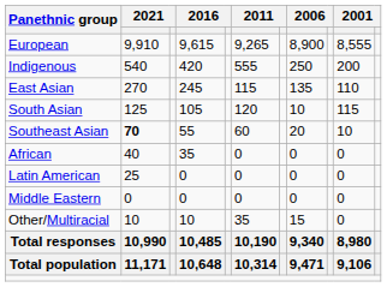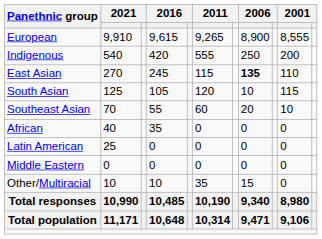 <table class="wikitable collapsible sortable">
 <tr>
 <th rowspan="2"><a href='#'>Panethnic</a> group</th>
 <th colspan="2">2021</th>
 <th colspan="2">2016</th>
 <th colspan="2">2011</th>
 <th colspan="2">2006</th>
 <th colspan="2">2001</th>
 </tr>
 <tr>
 <th><a href='#'></a></th>
 <th></th>
 <th></th>
 <th></th>
 <th></th>
 <th></th>
 <th></th>
 <th></th>
 <th></th>
 <th></th>
 </tr>
 <tr>
 <td><a href='#'>European</a></td>
 <td>9,910</td>
 <td></td>
 <td>9,615</td>
 <td></td>
 <td>9,265</td>
 <td></td>
 <td>8,900</td>
 <td></td>
 <td>8,555</td>
 <td></td>
 </tr>
 <tr>
 <td><a href='#'>Indigenous</a></td>
 <td>540</td>
 <td></td>
 <td>420</td>
 <td></td>
 <td>555</td>
 <td></td>
 <td>250</td>
 <td></td>
 <td>200</td>
 <td></td>
 </tr>
 <tr>
 <td><a href='#'>East Asian</a></td>
 <td>270</td>
 <td></td>
 <td>245</td>
 <td></td>
 <td>115</td>
 <td></td>
-<td>135</td>
+<td><strong>135</strong></td>
 <td></td>
 <td>110</td>
 <td></td>
 </tr>
 <tr>
 <td><a href='#'>South Asian</a></td>
 <td>125</td>
 <td></td>
 <td>105</td>
 <td></td>
 <td>120</td>
 <td></td>
 <td>10</td>
 <td></td>
 <td>115</td>
 <td></td>
 </tr>
 <tr>
 <td><a href='#'>Southeast Asian</a></td>
-<td><strong>70</strong></td>
+<td>70</td>
 <td></td>
 <td>55</td>
 <td></td>
 <td>60</td>
 <td></td>
 <td>20</td>
 <td></td>
 <td>10</td>
 <td></td>
 </tr>
 <tr>
 <td><a href='#'>African</a></td>
 <td>40</td>
 <td></td>
 <td>35</td>
 <td></td>
 <td>0</td>
 <td></td>
 <td>0</td>
 <td></td>
 <td>0</td>
 <td></td>
 </tr>
 <tr>
 <td><a href='#'>Latin American</a></td>
 <td>25</td>
 <td></td>
 <td>0</td>
 <td></td>
 <td>0</td>
 <td></td>
 <td>0</td>
 <td></td>
 <td>0</td>
 <td></td>
 </tr>
 <tr>
 <td><a href='#'>Middle Eastern</a></td>
 <td>0</td>
 <td></td>
 <td>0</td>
 <td></td>
 <td>0</td>
 <td></td>
 <td>0</td>
 <td></td>
 <td>0</td>
 <td></td>
 </tr>
 <tr>
 <td>Other/<a href='#'>Multiracial</a></td>
 <td>10</td>
 <td></td>
 <td>10</td>
 <td></td>
 <td>35</td>
 <td></td>
 <td>15</td>
 <td></td>
 <td>0</td>
 <td></td>
 </tr>
 <tr class="sortbottom">
 <th>Total responses</th>
 <th>10,990</th>
 <th></th>
 <th>10,485</th>
 <th></th>
 <th>10,190</th>
 <th></th>
 <th>9,340</th>
 <th></th>
 <th>8,980</th>
 <th></th>
 </tr>
 <tr class="sortbottom">
 <th>Total population</th>
 <th>11,171</th>
 <th></th>
 <th>10,648</th>
 <th></th>
 <th>10,314</th>
 <th></th>
 <th>9,471</th>
 <th></th>
 <th>9,106</th>
 <th></th>
 </tr>
 <tr class="sortbottom">
 <td colspan="11"></td>
 </tr>
 </table>
